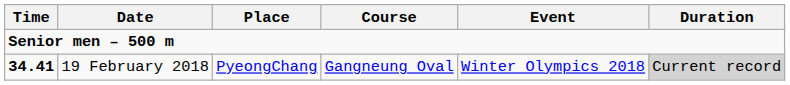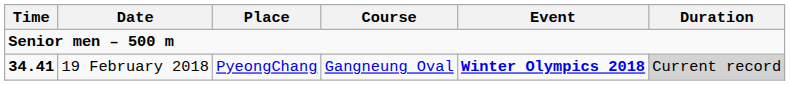 <table class="wikitable collapsible collapsed">
 <tr>
 <th>Time</th>
 <th>Date</th>
 <th>Place</th>
 <th>Course</th>
 <th>Event</th>
 <th>Duration</th>
 </tr>
 <tr>
 <td colspan="6"><strong>Senior men – 500 m</strong></td>
 </tr>
 <tr>
 <td><strong>34.41</strong></td>
 <td align="right">19 February 2018</td>
 <td><a href='#'>PyeongChang</a></td>
 <td><a href='#'>Gangneung Oval</a></td>
-<td><a href='#'>Winter Olympics 2018</a></td>
+<td><strong><a href='#'>Winter Olympics 2018</a></strong></td>
 <td style="background: lightgrey;">Current record</td>
 </tr>
 </table>
